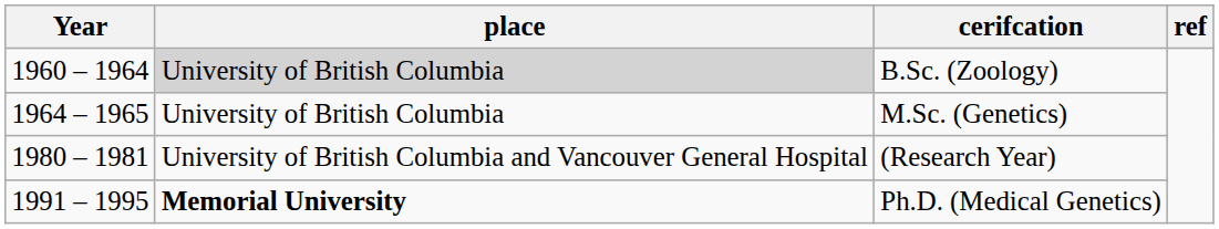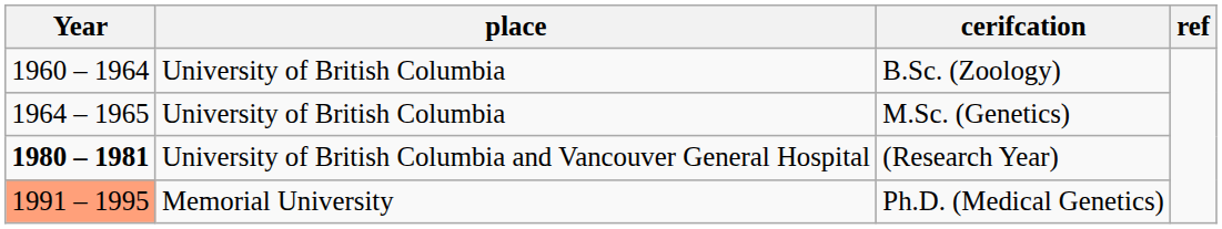 <table class="wikitable">
 <tr>
 <th>Year</th>
 <th>place</th>
 <th>cerifcation</th>
 <th>ref</th>
 </tr>
 <tr>
 <td>1960 – 1964</td>
-<td style="background: lightgrey;">University of British Columbia</td>
+<td>University of British Columbia</td>
 <td>B.Sc. (Zoology)</td>
 <td rowspan="4"></td>
 </tr>
 <tr>
 <td>1964 – 1965</td>
 <td>University of British Columbia</td>
 <td>M.Sc. (Genetics)</td>
 </tr>
 <tr>
-<td>1980 – 1981</td>
+<td><strong>1980 – 1981</strong></td>
 <td>University of British Columbia and Vancouver General Hospital</td>
 <td>(Research Year)</td>
 </tr>
 <tr>
-<td>1991 – 1995</td>
-<td><strong>Memorial University</strong></td>
+<td style="background: lightsalmon;">1991 – 1995</td>
+<td>Memorial University</td>
 <td>Ph.D. (Medical Genetics)</td>
 </tr>
 </table>
